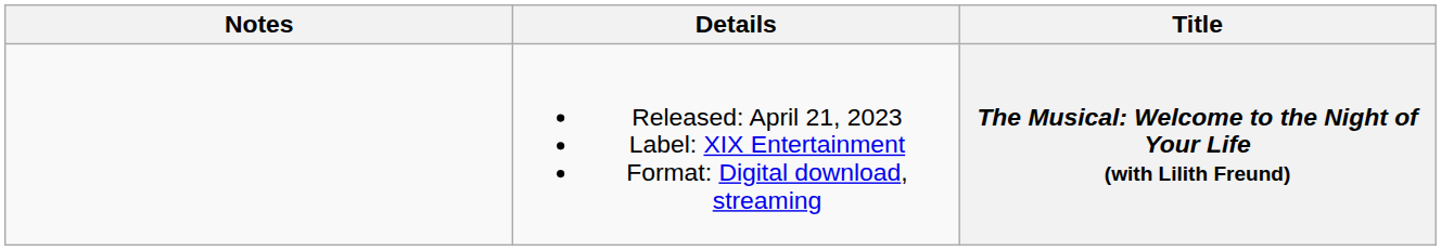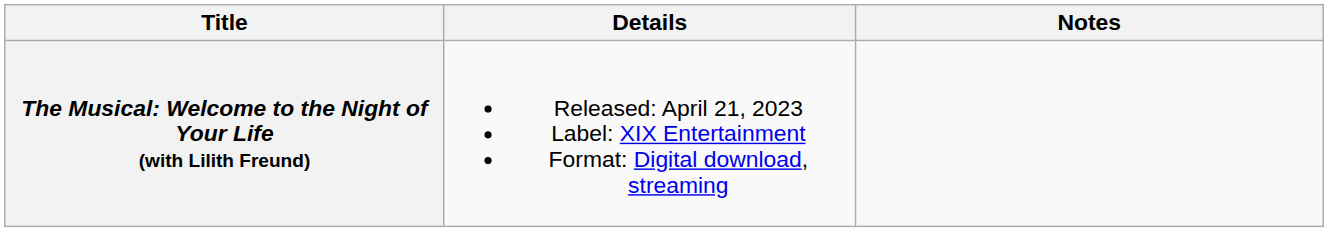 <table class="wikitable plainrowheaders" style="text-align:center;">
 <tr>
+<th scope="col" style="width:300px;">Title</th>
+<th scope="col" style="width:280px;">Details</th>
 <th scope="col" style="width:320px;">Notes</th>
-<th scope="col" style="width:280px;">Details</th>
-<th scope="col" style="width:300px;">Title</th>
 </tr>
 <tr>
+<th scope="row"><em>The Musical: Welcome to the Night of Your Life</em><br><small>(with Lilith Freund)</small></th>
+<td><br><ul><li>Released: April 21, 2023</li><li>Label: <a href='#'>XIX Entertainment</a></li><li>Format: <a href='#'>Digital download</a>, <a href='#'>streaming</a></li></ul></td>
 <td><br></td>
-<td><br><ul><li>Released: April 21, 2023</li><li>Label: <a href='#'>XIX Entertainment</a></li><li>Format: <a href='#'>Digital download</a>, <a href='#'>streaming</a></li></ul></td>
-<th scope="row"><em>The Musical: Welcome to the Night of Your Life</em><br><small>(with Lilith Freund)</small></th>
 </tr>
 </table>
